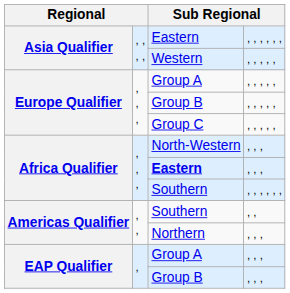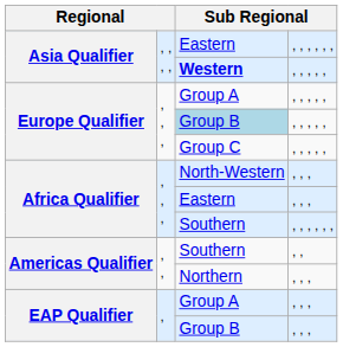 <table class="wikitable">
 <tr>
 <th colspan=2>Regional</th>
 <th colspan=2>Sub Regional</th>
 </tr>
 <tr style="background:#ddeeff">
 <th rowspan="2"><a href='#'>Asia Qualifier</a></th>
 <td rowspan=2><small>, <strong></strong>, <br>, , </small></td>
 <td><a href='#'>Eastern</a></td>
 <td><small>, <strong></strong>, , , , , </small></td>
 </tr>
 <tr style="background:#ddeeff">
-<td><a href='#'>Western</a></td>
+<td><strong><a href='#'>Western</a></strong></td>
 <td><small>, , <strong></strong>, , , </small></td>
 </tr>
 <tr>
 <th Rowspan=3><a href='#'>Europe Qualifier</a></th>
 <td rowspan=3><small>,  <br> ,  <br> , <strong></strong></small></td>
 <td><a href='#'>Group A</a></td>
 <td><small>, , , , , </small></td>
 </tr>
 <tr>
-<td><a href='#'>Group B</a></td>
+<td style="background: lightblue;"><a href='#'>Group B</a></td>
 <td><small>, , , , , </small></td>
 </tr>
 <tr>
 <td><a href='#'>Group C</a></td>
 <td><small>, , , , , </small></td>
 </tr>
 <tr style="background:#ddeeff">
 <th rowspan=3><a href='#'>Africa Qualifier</a></th>
 <td Rowspan=3><small>, <br> , <strong></strong><br> , </small></td>
 <td><a href='#'>North-Western</a></td>
 <td><small><strong></strong>, , , </small></td>
 </tr>
 <tr style="background:#ddeeff">
-<td><strong><a href='#'>Eastern</a></strong></td>
+<td><a href='#'>Eastern</a></td>
 <td><small><strong></strong>, , , </small></td>
 </tr>
 <tr style="background:#ddeeff">
 <td><a href='#'>Southern</a></td>
 <td><small><strong></strong>, , , , , , </small></td>
 </tr>
 <tr>
 <th rowspan=2><a href='#'>Americas Qualifier</a></th>
 <td rowspan=2><small> <strong></strong>,  <br> ,  </small></td>
 <td><a href='#'>Southern</a></td>
 <td><small><strong></strong>, , </small></td>
 </tr>
 <tr>
 <td><a href='#'>Northern</a></td>
 <td><small><strong></strong>, , , </small></td>
 </tr>
 <tr style="background:#ddeeff">
 <th rowspan=2><a href='#'>EAP Qualifier</a></th>
 <td rowspan=2><small> <strong></strong>, </small> <br> <small></small></td>
 <td><a href='#'>Group A</a></td>
 <td><small>, , <strong></strong>, </small></td>
 </tr>
 <tr style="background:#ddeeff">
 <td><a href='#'>Group B</a></td>
 <td><small>, <strong></strong>, , </small></td>
 </tr>
 </table>
